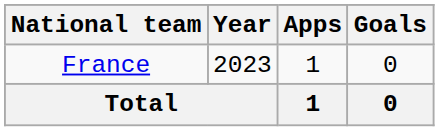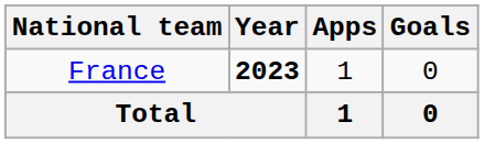 <table class="wikitable" style="text-align:center">
 <tr>
 <th>National team</th>
 <th>Year</th>
 <th>Apps</th>
 <th>Goals</th>
 </tr>
 <tr>
 <td rowspan="1"><a href='#'>France</a></td>
-<td>2023</td>
+<td><strong>2023</strong></td>
 <td>1</td>
 <td>0</td>
 </tr>
 <tr>
 <th colspan="2">Total</th>
 <th>1</th>
 <th>0</th>
 </tr>
 </table>
